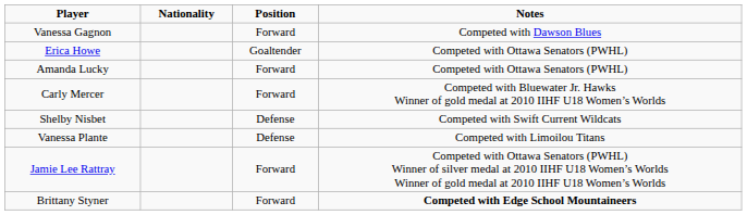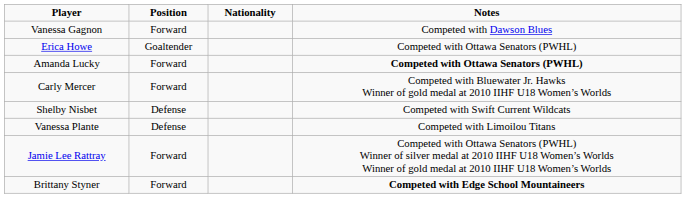 <table class="wikitable" style="width:80%;">
 <tr style="text-align:center; ">
 <td><strong>Player</strong></td>
+<td><strong>Position</strong></td>
 <td><strong>Nationality</strong></td>
-<td><strong>Position</strong></td>
 <td><strong>Notes</strong></td>
 </tr>
 <tr style="text-align:center;" bgcolor="">
 <td>Vanessa Gagnon</td>
+<td>Forward</td>
 <td></td>
-<td>Forward</td>
 <td>Competed with <a href='#'>Dawson Blues</a></td>
 </tr>
 <tr style="text-align:center;" bgcolor="">
 <td><a href='#'>Erica Howe</a></td>
+<td>Goaltender</td>
 <td></td>
-<td>Goaltender</td>
 <td>Competed with Ottawa Senators (PWHL)</td>
 </tr>
 <tr style="text-align:center;" bgcolor="">
 <td>Amanda Lucky</td>
+<td>Forward</td>
 <td></td>
-<td>Forward</td>
-<td>Competed with Ottawa Senators (PWHL)</td>
+<td><strong>Competed with Ottawa Senators (PWHL)</strong></td>
 </tr>
 <tr style="text-align:center;" bgcolor="">
 <td>Carly Mercer</td>
+<td>Forward</td>
 <td></td>
-<td>Forward</td>
 <td>Competed with Bluewater Jr. Hawks <br> Winner of gold medal at 2010 IIHF U18 Women’s Worlds</td>
 </tr>
 <tr style="text-align:center;" bgcolor="">
 <td>Shelby Nisbet</td>
+<td>Defense</td>
 <td></td>
-<td>Defense</td>
 <td>Competed with Swift Current Wildcats</td>
 </tr>
 <tr style="text-align:center;" bgcolor="">
 <td>Vanessa Plante</td>
+<td>Defense</td>
 <td></td>
-<td>Defense</td>
 <td>Competed with Limoilou Titans</td>
 </tr>
 <tr style="text-align:center;" bgcolor="">
 <td><a href='#'>Jamie Lee Rattray</a></td>
+<td>Forward</td>
 <td></td>
-<td>Forward</td>
 <td>Competed with Ottawa Senators (PWHL) <br> Winner of silver medal at 2010 IIHF U18 Women’s Worlds <br> Winner of gold medal at 2010 IIHF U18 Women’s Worlds</td>
 </tr>
 <tr style="text-align:center;" bgcolor="">
 <td>Brittany Styner</td>
+<td>Forward</td>
 <td></td>
-<td>Forward</td>
 <td><strong>Competed with Edge School Mountaineers</strong></td>
 </tr>
 </table>
